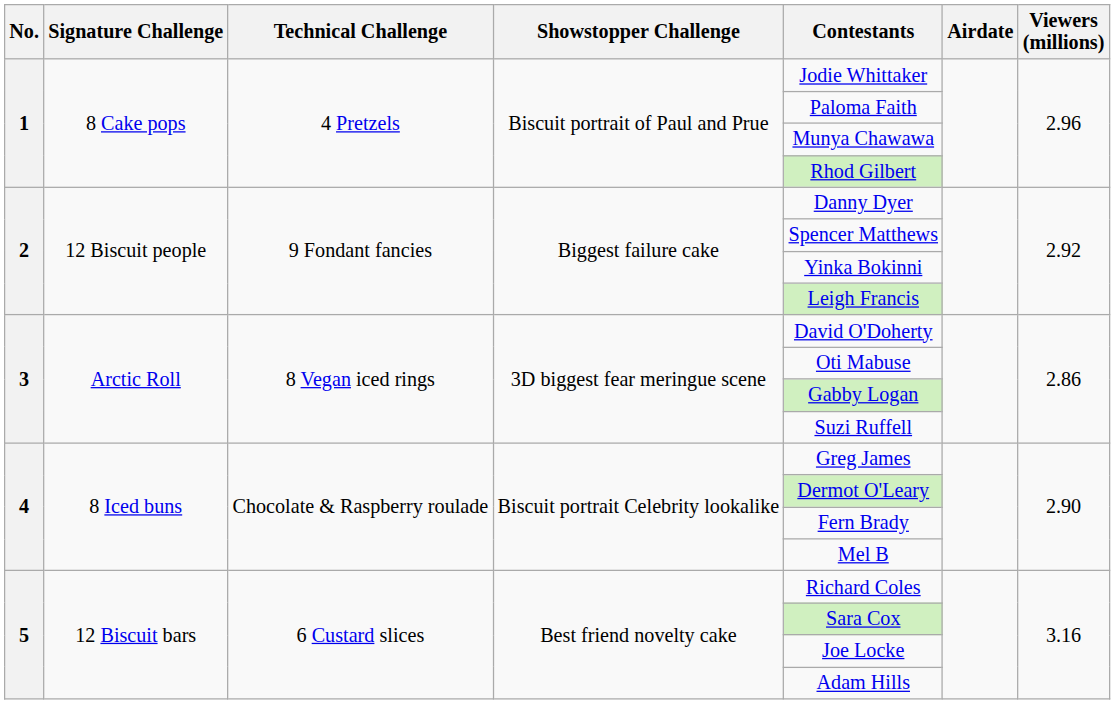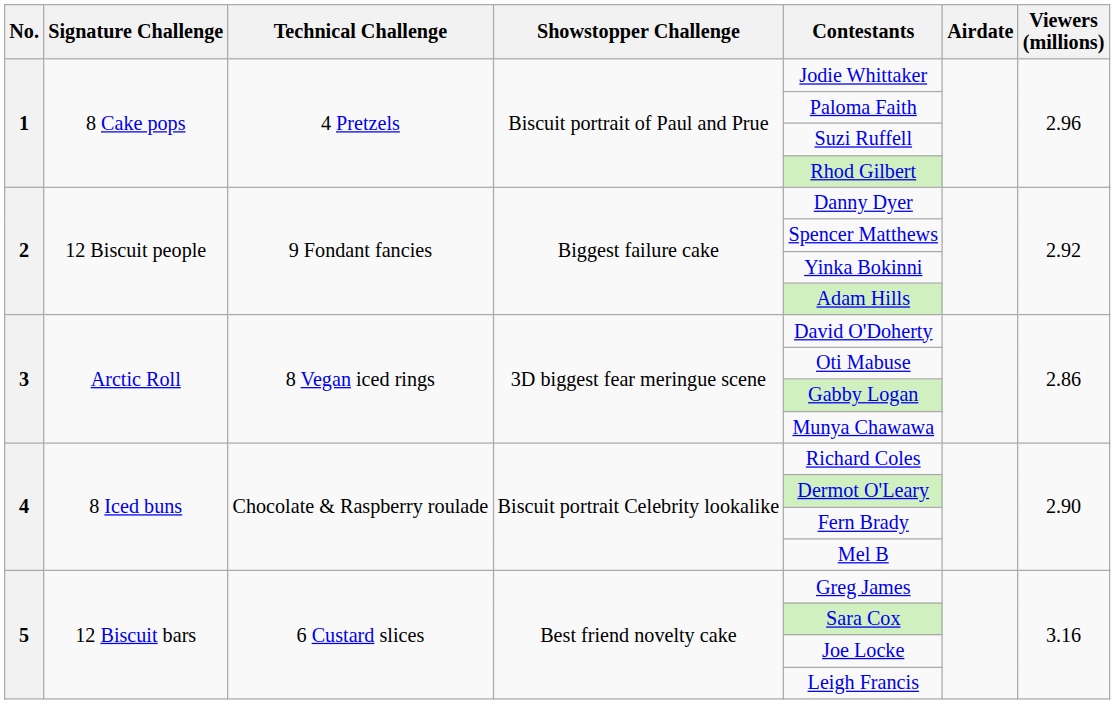 <table class="wikitable" style="text-align:center;">
 <tr>
 <th scope="col">No.</th>
 <th scope="col">Signature Challenge</th>
 <th scope="col">Technical Challenge</th>
 <th scope="col">Showstopper Challenge</th>
 <th scope="col">Contestants</th>
 <th scope="col">Airdate</th>
 <th scope="col">Viewers<br>(millions)</th>
 </tr>
 <tr>
 <th scope="rowgroup" rowspan=4>1</th>
 <td rowspan=4>8 <a href='#'>Cake pops</a></td>
 <td rowspan=4>4 <a href='#'>Pretzels</a></td>
 <td rowspan=4>Biscuit portrait of Paul and Prue</td>
 <td><a href='#'>Jodie Whittaker</a></td>
 <td rowspan=4></td>
 <td rowspan=4>2.96</td>
 </tr>
 <tr>
 <td><a href='#'>Paloma Faith</a></td>
 </tr>
 <tr>
-<td><a href='#'>Munya Chawawa</a></td>
+<td><a href='#'>Suzi Ruffell</a></td>
 </tr>
 <tr style="background:#d0f0c0">
 <td><a href='#'>Rhod Gilbert</a></td>
 </tr>
 <tr>
 <th scope="rowgroup" rowspan=4>2</th>
 <td rowspan=4>12 Biscuit people</td>
 <td rowspan=4>9 Fondant fancies</td>
 <td rowspan=4>Biggest failure cake</td>
 <td><a href='#'>Danny Dyer</a></td>
 <td rowspan=4></td>
 <td rowspan=4>2.92</td>
 </tr>
 <tr>
 <td><a href='#'>Spencer Matthews</a></td>
 </tr>
 <tr>
 <td><a href='#'>Yinka Bokinni</a></td>
 </tr>
 <tr style="background:#d0f0c0">
-<td><a href='#'>Leigh Francis</a></td>
+<td><a href='#'>Adam Hills</a></td>
 </tr>
 <tr>
 <th scope="rowgroup" rowspan=4>3</th>
 <td rowspan=4><a href='#'>Arctic Roll</a></td>
 <td rowspan=4>8 <a href='#'>Vegan</a> iced rings</td>
 <td rowspan=4>3D biggest fear meringue scene</td>
 <td><a href='#'>David O'Doherty</a></td>
 <td rowspan=4></td>
 <td rowspan=4>2.86</td>
 </tr>
 <tr>
 <td><a href='#'>Oti Mabuse</a></td>
 </tr>
 <tr style="background:#d0f0c0">
 <td><a href='#'>Gabby Logan</a></td>
 </tr>
 <tr>
-<td><a href='#'>Suzi Ruffell</a></td>
+<td><a href='#'>Munya Chawawa</a></td>
 </tr>
 <tr>
 <th scope="rowgroup" rowspan=4>4</th>
 <td rowspan=4>8 <a href='#'>Iced buns</a></td>
 <td rowspan=4>Chocolate & Raspberry roulade</td>
 <td rowspan=4>Biscuit portrait Celebrity lookalike</td>
-<td><a href='#'>Greg James</a></td>
+<td><a href='#'>Richard Coles</a></td>
 <td rowspan=4></td>
 <td rowspan=4>2.90</td>
 </tr>
 <tr style="background:#d0f0c0">
 <td><a href='#'>Dermot O'Leary</a></td>
 </tr>
 <tr>
 <td><a href='#'>Fern Brady</a></td>
 </tr>
 <tr>
 <td><a href='#'>Mel B</a></td>
 </tr>
 <tr>
 <th scope="rowgroup" rowspan=4>5</th>
 <td rowspan=4>12 <a href='#'>Biscuit</a> bars</td>
 <td rowspan=4>6 <a href='#'>Custard</a> slices</td>
 <td rowspan=4>Best friend novelty cake</td>
-<td><a href='#'>Richard Coles</a></td>
+<td><a href='#'>Greg James</a></td>
 <td rowspan=4></td>
 <td rowspan=4>3.16</td>
 </tr>
 <tr style="background:#d0f0c0">
 <td><a href='#'>Sara Cox</a></td>
 </tr>
 <tr>
 <td><a href='#'>Joe Locke</a></td>
 </tr>
 <tr>
-<td><a href='#'>Adam Hills</a></td>
+<td><a href='#'>Leigh Francis</a></td>
 </tr>
 </table>
